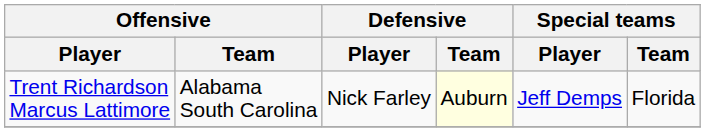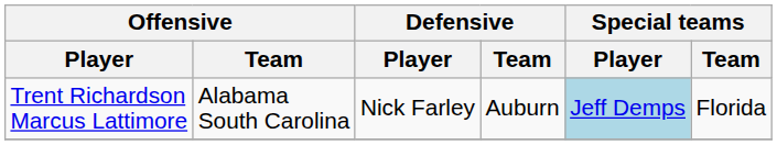 <table class="wikitable" border="1">
 <tr>
 <th colspan="2">Offensive</th>
 <th colspan="2">Defensive</th>
 <th colspan="2">Special teams</th>
 </tr>
 <tr>
 <th>Player</th>
 <th>Team</th>
 <th>Player</th>
 <th>Team</th>
 <th>Player</th>
 <th>Team</th>
 </tr>
 <tr>
 <td><a href='#'>Trent Richardson</a><br><a href='#'>Marcus Lattimore</a></td>
 <td>Alabama<br>South Carolina</td>
 <td>Nick Farley</td>
-<td style="background: lightyellow;">Auburn</td>
-<td><a href='#'>Jeff Demps</a></td>
+<td>Auburn</td>
+<td style="background: lightblue;"><a href='#'>Jeff Demps</a></td>
 <td>Florida</td>
 </tr>
 <tr>
 </tr>
 </table>
